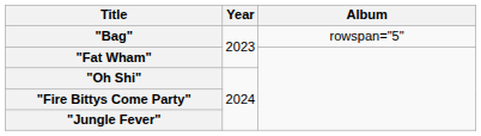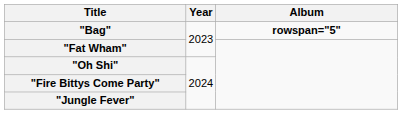 <table class="wikitable plainrowheaders" style="text-align:center;">
 <tr>
 <th scope="col" style="width:16em;">Title</th>
 <th scope="col" style="width:1em;">Year</th>
 <th scope="col" style="width:16em;">Album</th>
 </tr>
 <tr>
 <th scope="row">"Bag"<br></th>
 <td rowspan="2">2023</td>
-<td>rowspan="5" </td>
+<td><strong>rowspan="5" </strong></td>
 </tr>
 <tr>
 <th scope="row">"Fat Wham"<br></th>
 </tr>
 <tr>
 <th scope="row">"Oh Shi"<br></th>
 <td rowspan="3">2024</td>
 </tr>
 <tr>
 <th scope="row">"Fire Bittys Come Party"<br></th>
 </tr>
 <tr>
 <th scope="row">"Jungle Fever"<br></th>
 </tr>
 </table>
